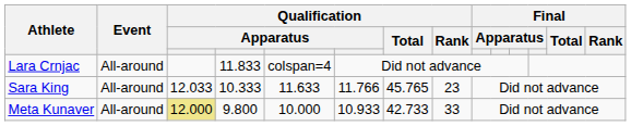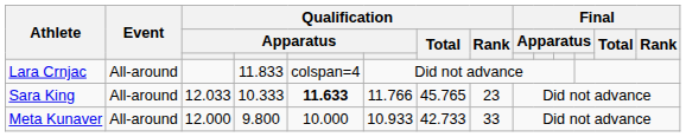 <table class="wikitable" style="font-size:90%; text-align:center">
 <tr>
 <th rowspan="3">Athlete</th>
 <th rowspan="3">Event</th>
 <th colspan="6">Qualification</th>
 <th colspan="6">Final</th>
 </tr>
 <tr>
 <th colspan="4">Apparatus</th>
 <th rowspan="2">Total</th>
 <th rowspan="2">Rank</th>
 <th colspan="4">Apparatus</th>
 <th rowspan="2">Total</th>
 <th rowspan="2">Rank</th>
 </tr>
 <tr>
 <th></th>
 <th></th>
 <th></th>
 <th></th>
 <th></th>
 <th></th>
 <th></th>
 <th></th>
 </tr>
 <tr>
 <td align="left"><a href='#'>Lara Crnjac</a></td>
 <td align="left">All-around</td>
 <td></td>
 <td>11.833</td>
 <td>colspan=4 </td>
 <td colspan="6">Did not advance</td>
 </tr>
 <tr>
 <td align="left"><a href='#'>Sara King</a></td>
 <td align="left">All-around</td>
 <td>12.033</td>
 <td>10.333</td>
-<td>11.633</td>
+<td><strong>11.633</strong></td>
 <td>11.766</td>
 <td>45.765</td>
 <td>23</td>
 <td colspan="6">Did not advance</td>
 </tr>
 <tr>
 <td align="left"><a href='#'>Meta Kunaver</a></td>
 <td align="left">All-around</td>
-<td style="background: khaki;">12.000</td>
+<td>12.000</td>
 <td>9.800</td>
 <td>10.000</td>
 <td>10.933</td>
 <td>42.733</td>
 <td>33</td>
 <td colspan="6">Did not advance</td>
 </tr>
 </table>
